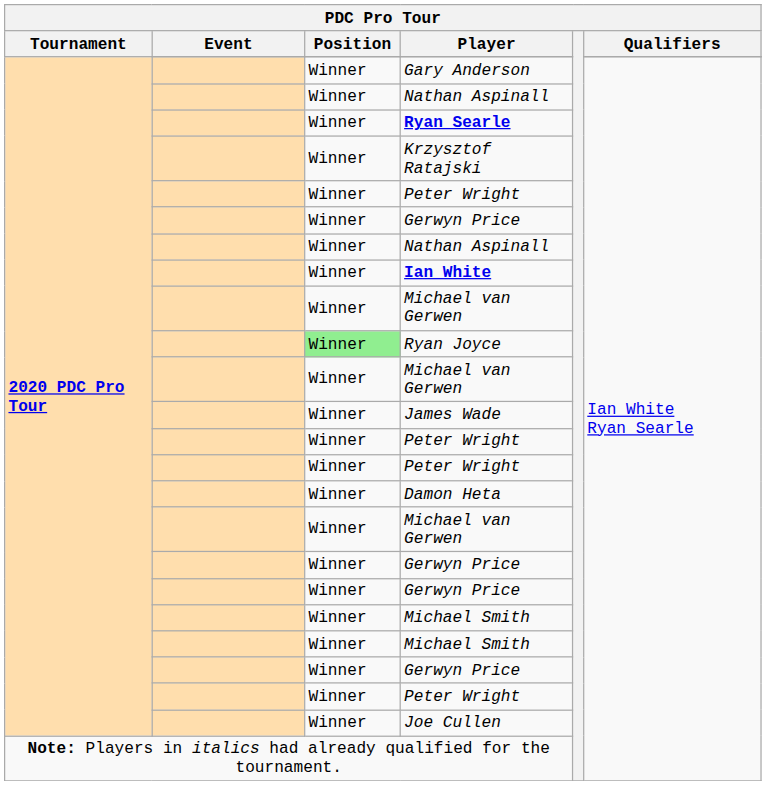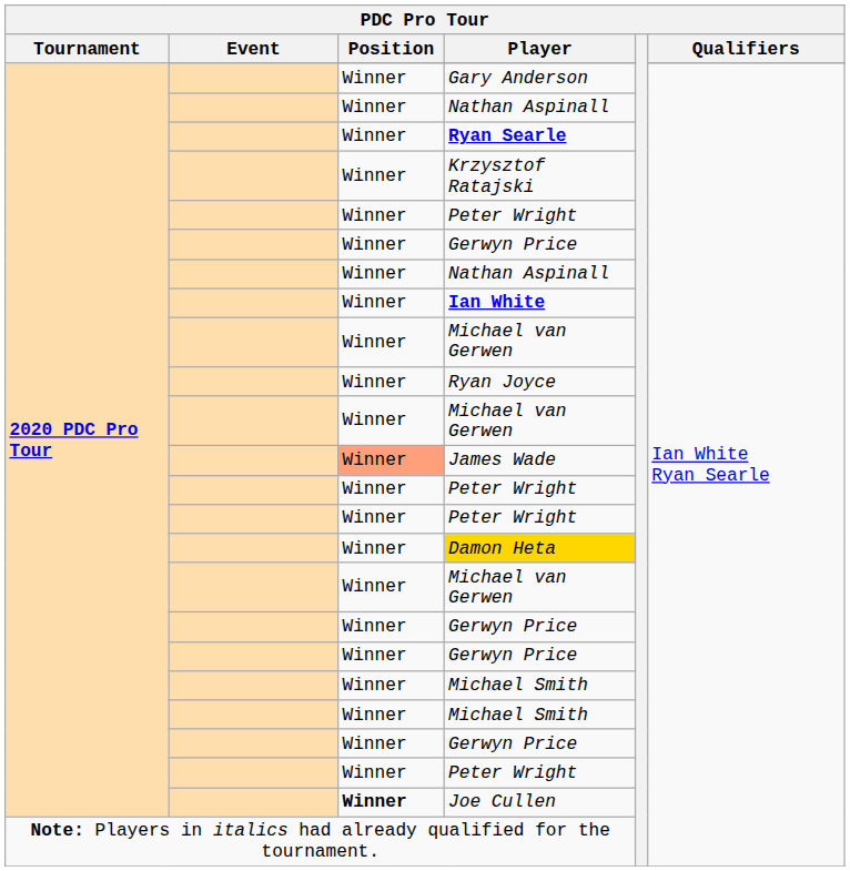 <table class="wikitable">
 <tr>
 <th colspan=6>PDC Pro Tour</th>
 </tr>
 <tr>
 <th width=150>Tournament</th>
 <th width=200>Event</th>
 <th width=80>Position</th>
 <th width=200>Player</th>
 <th rowspan=26 width=5></th>
 <th width=200>Qualifiers</th>
 </tr>
 <tr>
 <td rowspan=24 style="background:#ffdead;"><strong><a href='#'>2020 PDC Pro Tour</a></strong></td>
 </tr>
 <tr>
 <td style="background:#ffdead;"></td>
 <td>Winner</td>
 <td> <em>Gary Anderson</em></td>
 <td rowspan=24> <a href='#'>Ian White</a><br> <a href='#'>Ryan Searle</a></td>
 </tr>
 <tr>
 <td style="background:#ffdead;"></td>
 <td>Winner</td>
 <td> <em>Nathan Aspinall</em></td>
 </tr>
 <tr>
 <td style="background:#ffdead;"></td>
 <td>Winner</td>
 <td> <strong><a href='#'>Ryan Searle</a></strong></td>
 </tr>
 <tr>
 <td style="background:#ffdead;"></td>
 <td>Winner</td>
 <td> <em>Krzysztof Ratajski</em></td>
 </tr>
 <tr>
 <td style="background:#ffdead;"></td>
 <td>Winner</td>
 <td> <em>Peter Wright</em></td>
 </tr>
 <tr>
 <td style="background:#ffdead;"></td>
 <td>Winner</td>
 <td> <em>Gerwyn Price</em></td>
 </tr>
 <tr>
 <td style="background:#ffdead;"></td>
 <td>Winner</td>
 <td> <em>Nathan Aspinall</em></td>
 </tr>
 <tr>
 <td style="background:#ffdead;"></td>
 <td>Winner</td>
 <td> <strong><a href='#'>Ian White</a></strong></td>
 </tr>
 <tr>
 <td style="background:#ffdead;"></td>
 <td>Winner</td>
 <td> <em>Michael van Gerwen</em></td>
 </tr>
 <tr>
 <td style="background:#ffdead;"></td>
-<td style="background: lightgreen;">Winner</td>
+<td>Winner</td>
 <td> <em>Ryan Joyce</em></td>
 </tr>
 <tr>
 <td style="background:#ffdead;"></td>
 <td>Winner</td>
 <td> <em>Michael van Gerwen</em></td>
 </tr>
 <tr>
 <td style="background:#ffdead;"></td>
-<td>Winner</td>
+<td style="background: lightsalmon;">Winner</td>
 <td> <em>James Wade</em></td>
 </tr>
 <tr>
 <td style="background:#ffdead;"></td>
 <td>Winner</td>
 <td> <em>Peter Wright</em></td>
 </tr>
 <tr>
 <td style="background:#ffdead;"></td>
 <td>Winner</td>
 <td> <em>Peter Wright</em></td>
 </tr>
 <tr>
 <td style="background:#ffdead;"></td>
 <td>Winner</td>
-<td> <em>Damon Heta</em></td>
+<td style="background: gold;"> <em>Damon Heta</em></td>
 </tr>
 <tr>
 <td style="background:#ffdead;"></td>
 <td>Winner</td>
 <td> <em>Michael van Gerwen</em></td>
 </tr>
 <tr>
 <td style="background:#ffdead;"></td>
 <td>Winner</td>
 <td> <em>Gerwyn Price</em></td>
 </tr>
 <tr>
 <td style="background:#ffdead;"></td>
 <td>Winner</td>
 <td> <em>Gerwyn Price</em></td>
 </tr>
 <tr>
 <td style="background:#ffdead;"></td>
 <td>Winner</td>
 <td> <em>Michael Smith</em></td>
 </tr>
 <tr>
 <td style="background:#ffdead;"></td>
 <td>Winner</td>
 <td> <em>Michael Smith</em></td>
 </tr>
 <tr>
 <td style="background:#ffdead;"></td>
 <td>Winner</td>
 <td> <em>Gerwyn Price</em></td>
 </tr>
 <tr>
 <td style="background:#ffdead;"></td>
 <td>Winner</td>
 <td> <em>Peter Wright</em></td>
 </tr>
 <tr>
 <td style="background:#ffdead;"></td>
-<td>Winner</td>
+<td><strong>Winner</strong></td>
 <td> <em>Joe Cullen</em></td>
 </tr>
 <tr>
 <td colspan=4 align=center><strong>Note:</strong> Players in <em>italics</em> had already qualified for the tournament.</td>
 </tr>
 </table>
